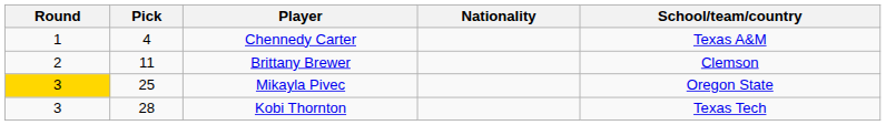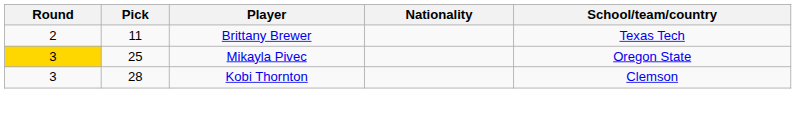 <table class="wikitable" style="text-align:center; width:60em">
 <tr>
 <th>Round</th>
 <th>Pick</th>
 <th>Player</th>
 <th>Nationality</th>
 <th>School/team/country</th>
 </tr>
 <tr>
-<td>1</td>
-<td>4</td>
-<td><a href='#'>Chennedy Carter</a></td>
-<td></td>
-<td><a href='#'>Texas A&M</a></td>
-</tr>
-<tr>
 <td>2</td>
 <td>11</td>
 <td><a href='#'>Brittany Brewer</a></td>
 <td></td>
-<td><a href='#'>Clemson</a></td>
+<td><a href='#'>Texas Tech</a></td>
 </tr>
 <tr>
 <td style="background: gold;">3</td>
 <td>25</td>
 <td><a href='#'>Mikayla Pivec</a></td>
 <td></td>
 <td><a href='#'>Oregon State</a></td>
 </tr>
 <tr>
 <td>3</td>
 <td>28</td>
 <td><a href='#'>Kobi Thornton</a></td>
 <td></td>
-<td><a href='#'>Texas Tech</a></td>
+<td><a href='#'>Clemson</a></td>
 </tr>
 </table>
